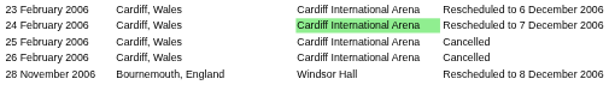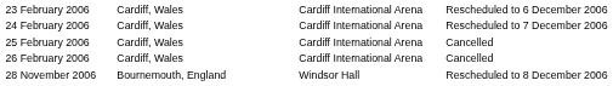 <table cellpadding="2" style="border: 0px solid darkgray; font-size:90%">
 <tr>
 <th width="150"></th>
 <th width="250"></th>
 <th width="200"></th>
 <th width="700"></th>
 </tr>
 <tr border="0">
 <td>23 February 2006</td>
 <td>Cardiff, Wales</td>
 <td>Cardiff International Arena</td>
 <td>Rescheduled to 6 December 2006</td>
 </tr>
 <tr>
 <td>24 February 2006</td>
 <td>Cardiff, Wales</td>
-<td style="background: lightgreen;">Cardiff International Arena</td>
+<td>Cardiff International Arena</td>
 <td>Rescheduled to 7 December 2006</td>
 </tr>
 <tr>
 <td>25 February 2006</td>
 <td>Cardiff, Wales</td>
 <td>Cardiff International Arena</td>
 <td>Cancelled</td>
 </tr>
 <tr>
 <td>26 February 2006</td>
 <td>Cardiff, Wales</td>
 <td>Cardiff International Arena</td>
 <td>Cancelled</td>
 </tr>
 <tr>
 <td>28 November 2006</td>
 <td>Bournemouth, England</td>
 <td>Windsor Hall</td>
 <td>Rescheduled to 8 December 2006</td>
 </tr>
 <tr>
 </tr>
 </table>
